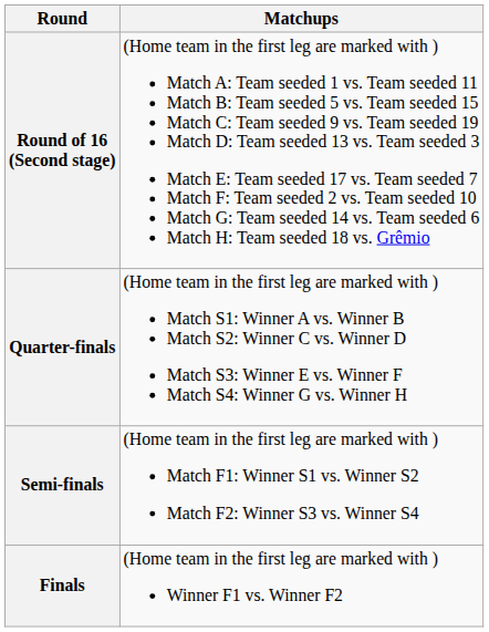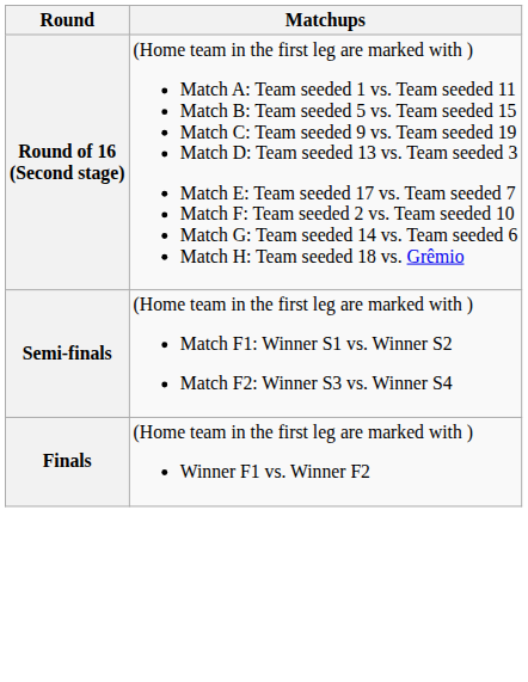 <table class=wikitable>
 <tr>
 <th>Round</th>
 <th>Matchups</th>
 </tr>
 <tr>
 <th>Round of 16<br>(Second stage)</th>
 <td>(Home team in the first leg are marked with )<br> <ul><li>Match A: Team seeded 1 vs. Team seeded 11 </li><li>Match B: Team seeded 5 vs. Team seeded 15 </li><li>Match C: Team seeded 9 vs. Team seeded 19 </li><li>Match D: Team seeded 13 vs. Team seeded 3 </li></ul><ul><li>Match E: Team seeded 17 vs. Team seeded 7 </li><li>Match F: Team seeded 2  vs. Team seeded 10</li><li>Match G: Team seeded 14  vs. Team seeded 6</li><li>Match H: Team seeded 18  vs. <a href='#'>Grêmio</a> </li></ul></td>
 </tr>
 <tr>
-<th>Quarter-finals</th>
-<td>(Home team in the first leg are marked with )<br> <ul><li>Match S1: Winner A vs. Winner B </li><li>Match S2: Winner C vs. Winner D </li></ul><ul><li>Match S3: Winner E vs. Winner F </li><li>Match S4: Winner G vs. Winner H </li></ul></td>
-</tr>
-<tr>
 <th>Semi-finals</th>
 <td>(Home team in the first leg are marked with )<br> <ul><li>Match F1: Winner S1 vs. Winner S2 </li></ul><ul><li>Match F2: Winner S3 vs. Winner S4 </li></ul></td>
 </tr>
 <tr>
 <th>Finals</th>
 <td>(Home team in the first leg are marked with )<br><ul><li>Winner F1  vs. Winner F2</li></ul></td>
 </tr>
 </table>
